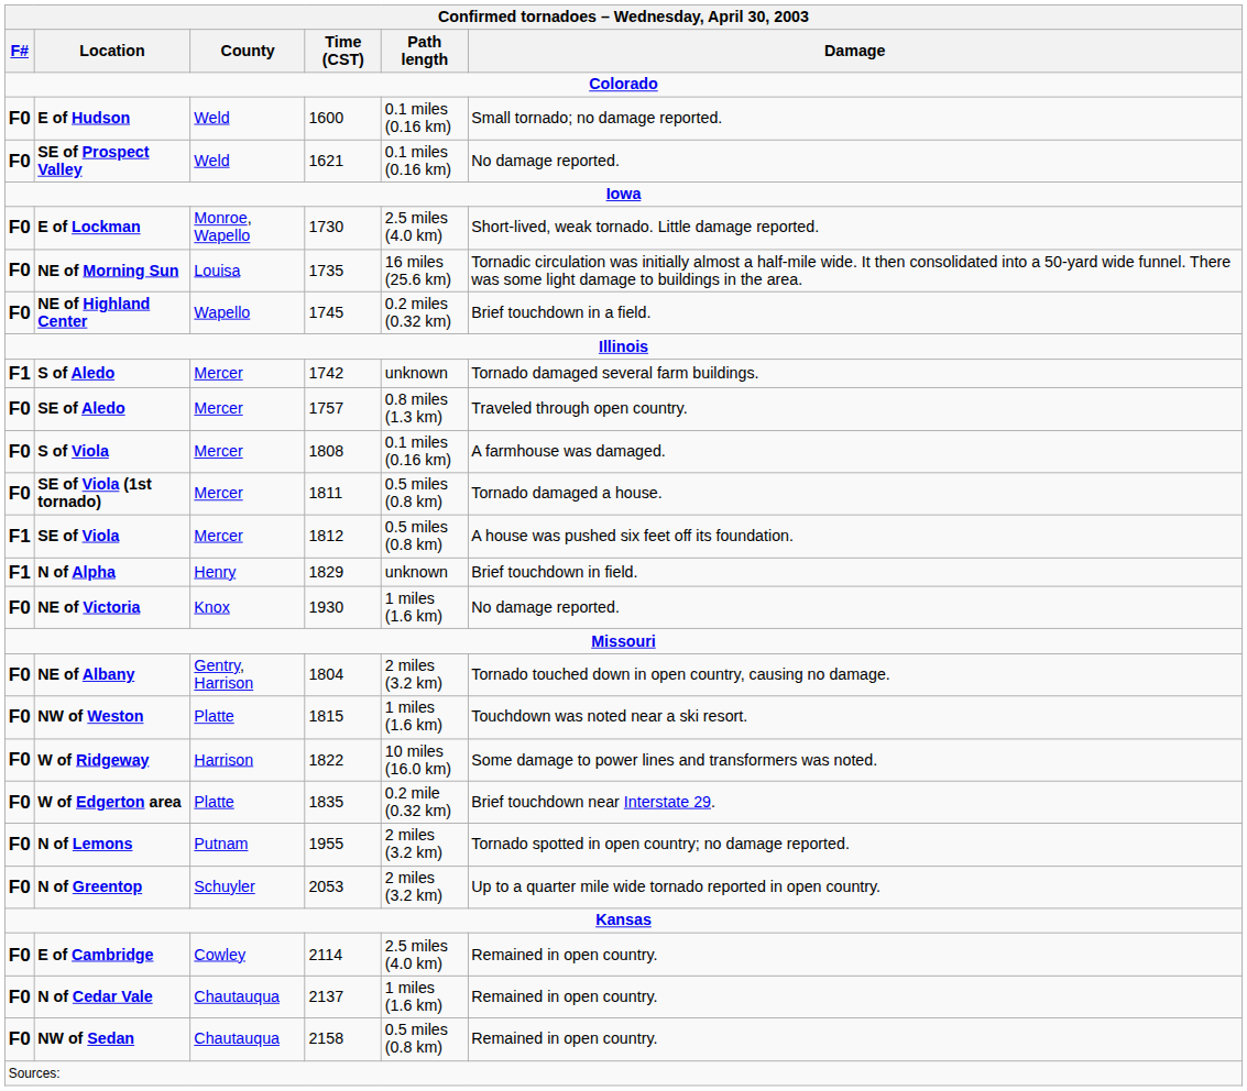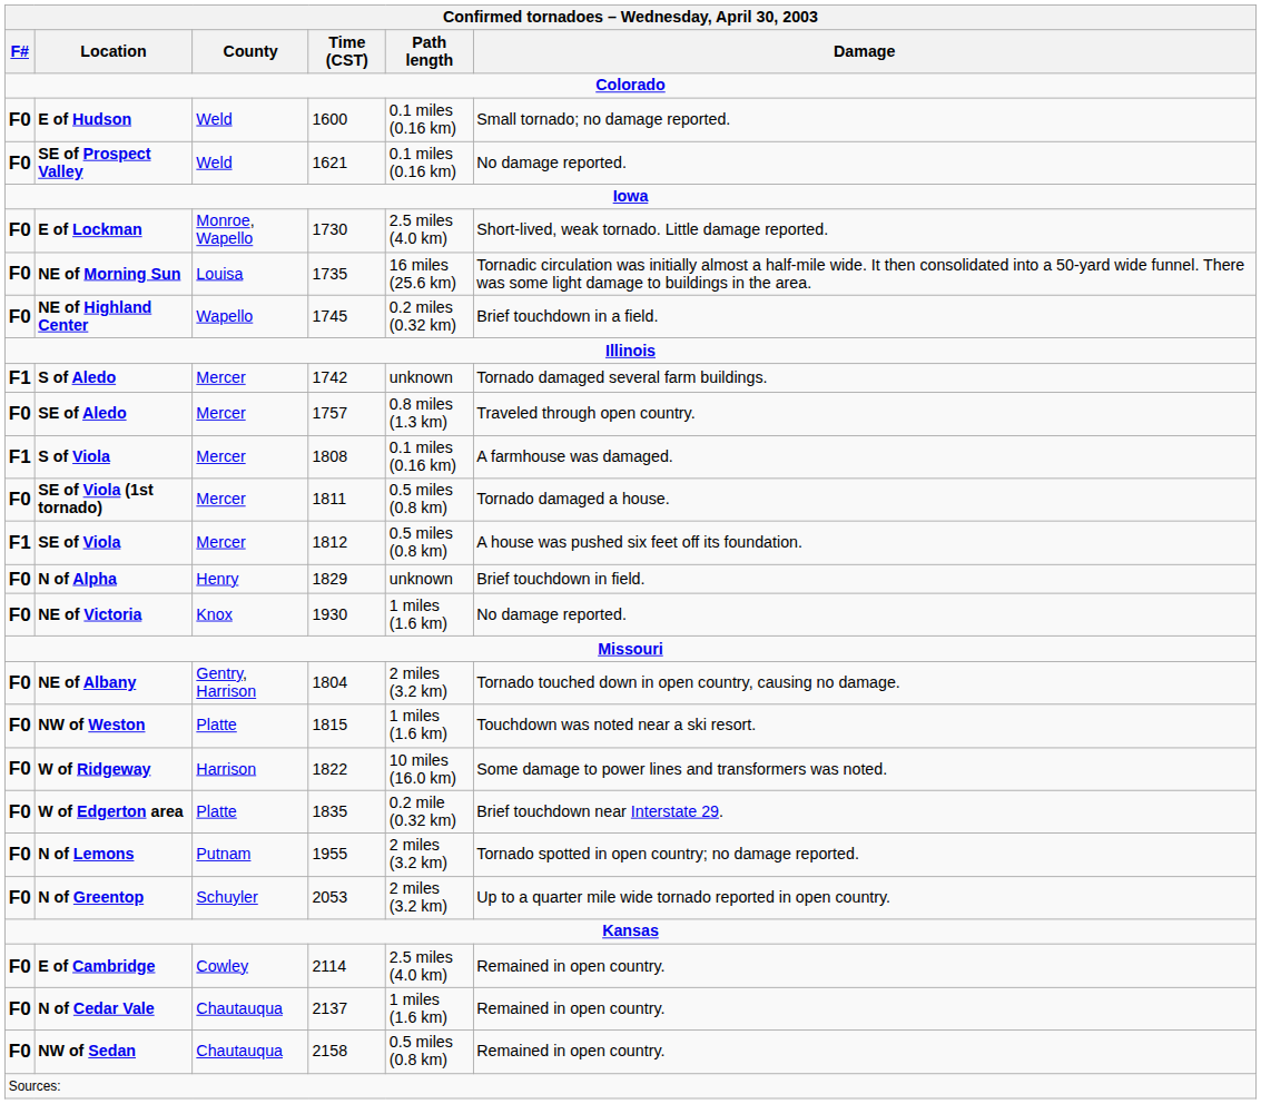 <table class="wikitable collapsible" width="100%">
 <tr>
 <th colspan="6">Confirmed tornadoes – Wednesday, April 30, 2003</th>
 </tr>
 <tr>
 <th><a href='#'>F#</a></th>
 <th>Location</th>
 <th>County</th>
 <th>Time (CST)</th>
 <th>Path length</th>
 <th>Damage</th>
 </tr>
 <tr>
 <td colspan="7" align=center><strong><a href='#'>Colorado</a></strong></td>
 </tr>
 <tr>
 <td><big><strong>F0</strong></big></td>
 <td><strong>E of <a href='#'>Hudson</a></strong></td>
 <td><a href='#'>Weld</a></td>
 <td>1600</td>
 <td>0.1 miles <br> (0.16 km)</td>
 <td>Small tornado; no damage reported.</td>
 </tr>
 <tr>
 <td><big><strong>F0</strong></big></td>
 <td><strong>SE of <a href='#'>Prospect Valley</a></strong></td>
 <td><a href='#'>Weld</a></td>
 <td>1621</td>
 <td>0.1 miles <br> (0.16 km)</td>
 <td>No damage reported.</td>
 </tr>
 <tr>
 <td colspan="7" align=center><strong><a href='#'>Iowa</a></strong></td>
 </tr>
 <tr>
 <td><big><strong>F0</strong></big></td>
 <td><strong>E of <a href='#'>Lockman</a> </strong></td>
 <td><a href='#'>Monroe</a>, <a href='#'>Wapello</a></td>
 <td>1730</td>
 <td>2.5 miles <br> (4.0 km)</td>
 <td>Short-lived, weak tornado. Little damage reported.</td>
 </tr>
 <tr>
 <td><big><strong>F0</strong></big></td>
 <td><strong>NE of <a href='#'>Morning Sun</a></strong></td>
 <td><a href='#'>Louisa</a></td>
 <td>1735</td>
 <td>16 miles <br> (25.6 km)</td>
 <td>Tornadic circulation was initially almost a half-mile wide. It then consolidated into a 50-yard wide funnel. There was some light damage to buildings in the area.</td>
 </tr>
 <tr>
 <td><big><strong>F0</strong></big></td>
 <td><strong>NE of <a href='#'>Highland Center</a></strong></td>
 <td><a href='#'>Wapello</a></td>
 <td>1745</td>
 <td>0.2 miles <br> (0.32 km)</td>
 <td>Brief touchdown in a field.</td>
 </tr>
 <tr>
 <td colspan="7" align=center><strong><a href='#'>Illinois</a></strong></td>
 </tr>
 <tr>
 <td><big><strong>F1</strong></big></td>
 <td><strong>S of <a href='#'>Aledo</a></strong></td>
 <td><a href='#'>Mercer</a></td>
 <td>1742</td>
 <td>unknown</td>
 <td>Tornado damaged several farm buildings.</td>
 </tr>
 <tr>
 <td><big><strong>F0</strong></big></td>
 <td><strong>SE of <a href='#'>Aledo</a></strong></td>
 <td><a href='#'>Mercer</a></td>
 <td>1757</td>
 <td>0.8 miles <br> (1.3 km)</td>
 <td>Traveled through open country.</td>
 </tr>
 <tr>
-<td><big><strong>F0</strong></big></td>
+<td><big><strong>F1</strong></big></td>
 <td><strong>S of <a href='#'>Viola</a></strong></td>
 <td><a href='#'>Mercer</a></td>
 <td>1808</td>
 <td>0.1 miles <br> (0.16 km)</td>
 <td>A farmhouse was damaged.</td>
 </tr>
 <tr>
 <td><big><strong>F0</strong></big></td>
 <td><strong>SE of <a href='#'>Viola</a> (1st tornado)</strong></td>
 <td><a href='#'>Mercer</a></td>
 <td>1811</td>
 <td>0.5 miles <br> (0.8 km)</td>
 <td>Tornado damaged a house.</td>
 </tr>
 <tr>
 <td><big><strong>F1</strong></big></td>
 <td><strong>SE of <a href='#'>Viola</a></strong></td>
 <td><a href='#'>Mercer</a></td>
 <td>1812</td>
 <td>0.5 miles <br> (0.8 km)</td>
 <td>A house was pushed six feet off its foundation.</td>
 </tr>
 <tr>
-<td><big><strong>F1</strong></big></td>
+<td><big><strong>F0</strong></big></td>
 <td><strong>N of <a href='#'>Alpha</a></strong></td>
 <td><a href='#'>Henry</a></td>
 <td>1829</td>
 <td>unknown</td>
 <td>Brief touchdown in field.</td>
 </tr>
 <tr>
 <td><big><strong>F0</strong></big></td>
 <td><strong>NE of <a href='#'>Victoria</a></strong></td>
 <td><a href='#'>Knox</a></td>
 <td>1930</td>
 <td>1 miles <br> (1.6 km)</td>
 <td>No damage reported.</td>
 </tr>
 <tr>
 <td colspan="7" align=center><strong><a href='#'>Missouri</a></strong></td>
 </tr>
 <tr>
 <td><big><strong>F0</strong></big></td>
 <td><strong>NE of <a href='#'>Albany</a></strong></td>
 <td><a href='#'>Gentry</a>, <a href='#'>Harrison</a></td>
 <td>1804</td>
 <td>2 miles <br> (3.2 km)</td>
 <td>Tornado touched down in open country, causing no damage.</td>
 </tr>
 <tr>
 <td><big><strong>F0</strong></big></td>
 <td><strong>NW of <a href='#'>Weston</a></strong></td>
 <td><a href='#'>Platte</a></td>
 <td>1815</td>
 <td>1 miles <br> (1.6 km)</td>
 <td>Touchdown was noted near a ski resort.</td>
 </tr>
 <tr>
 <td><big><strong>F0</strong></big></td>
 <td><strong>W of <a href='#'>Ridgeway</a></strong></td>
 <td><a href='#'>Harrison</a></td>
 <td>1822</td>
 <td>10 miles <br> (16.0 km)</td>
 <td>Some damage to power lines and transformers was noted.</td>
 </tr>
 <tr>
 <td><big><strong>F0</strong></big></td>
 <td><strong>W of <a href='#'>Edgerton</a> area</strong></td>
 <td><a href='#'>Platte</a></td>
 <td>1835</td>
 <td>0.2 mile <br> (0.32 km)</td>
 <td>Brief touchdown near <a href='#'>Interstate 29</a>.</td>
 </tr>
 <tr>
 <td><big><strong>F0</strong></big></td>
 <td><strong>N of <a href='#'>Lemons</a></strong></td>
 <td><a href='#'>Putnam</a></td>
 <td>1955</td>
 <td>2 miles <br> (3.2 km)</td>
 <td>Tornado spotted in open country; no damage reported.</td>
 </tr>
 <tr>
 <td><big><strong>F0</strong></big></td>
 <td><strong>N of <a href='#'>Greentop</a></strong></td>
 <td><a href='#'>Schuyler</a></td>
 <td>2053</td>
 <td>2 miles <br> (3.2 km)</td>
 <td>Up to a quarter mile wide tornado reported in open country.</td>
 </tr>
 <tr>
 <td colspan="7" align=center><strong><a href='#'>Kansas</a></strong></td>
 </tr>
 <tr>
 <td><big><strong>F0</strong></big></td>
 <td><strong>E of <a href='#'>Cambridge</a></strong></td>
 <td><a href='#'>Cowley</a></td>
 <td>2114</td>
 <td>2.5 miles <br> (4.0 km)</td>
 <td>Remained in open country.</td>
 </tr>
 <tr>
 <td><big><strong>F0</strong></big></td>
 <td><strong>N of <a href='#'>Cedar Vale</a></strong></td>
 <td><a href='#'>Chautauqua</a></td>
 <td>2137</td>
 <td>1 miles <br> (1.6 km)</td>
 <td>Remained in open country.</td>
 </tr>
 <tr>
 <td><big><strong>F0</strong></big></td>
 <td><strong>NW of <a href='#'>Sedan</a></strong></td>
 <td><a href='#'>Chautauqua</a></td>
 <td>2158</td>
 <td>0.5 miles <br> (0.8 km)</td>
 <td>Remained in open country.</td>
 </tr>
 <tr>
 <td colspan="7"><small>Sources: </small></td>
 </tr>
 </table>
